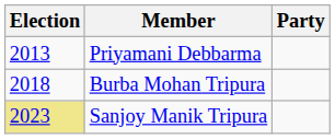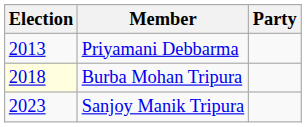 <table class="wikitable sortable">
 <tr>
 <th>Election</th>
 <th>Member</th>
 <th colspan=2>Party</th>
 </tr>
 <tr>
 <td><a href='#'>2013</a></td>
 <td><a href='#'>Priyamani Debbarma</a></td>
 <td></td>
 </tr>
 <tr>
-<td><a href='#'>2018</a></td>
+<td style="background: lightyellow;"><a href='#'>2018</a></td>
 <td><a href='#'>Burba Mohan Tripura</a></td>
 <td></td>
 </tr>
 <tr>
-<td style="background: khaki;"><a href='#'>2023</a></td>
+<td><a href='#'>2023</a></td>
 <td><a href='#'>Sanjoy Manik Tripura</a></td>
 <td></td>
 </tr>
 </table>
